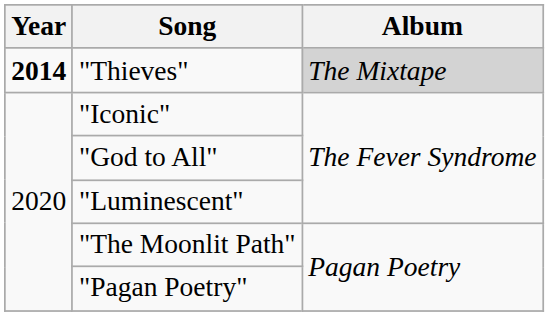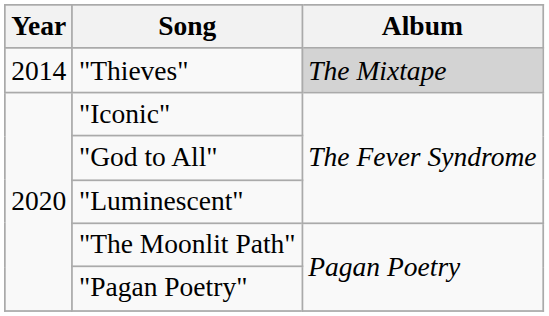 <table class="wikitable">
 <tr>
 <th>Year</th>
 <th>Song</th>
 <th>Album</th>
 </tr>
 <tr>
-<td><strong>2014</strong></td>
+<td>2014</td>
 <td>"Thieves"</td>
 <td style="background: lightgrey;"><em>The Mixtape</em></td>
 </tr>
 <tr>
 <td rowspan="5">2020</td>
 <td>"Iconic"</td>
 <td rowspan="3"><em>The Fever Syndrome</em></td>
 </tr>
 <tr>
 <td>"God to All"</td>
 </tr>
 <tr>
 <td>"Luminescent"</td>
 </tr>
 <tr>
 <td>"The Moonlit Path"</td>
 <td rowspan="2"><em>Pagan Poetry</em></td>
 </tr>
 <tr>
 <td>"Pagan Poetry"</td>
 </tr>
 </table>
